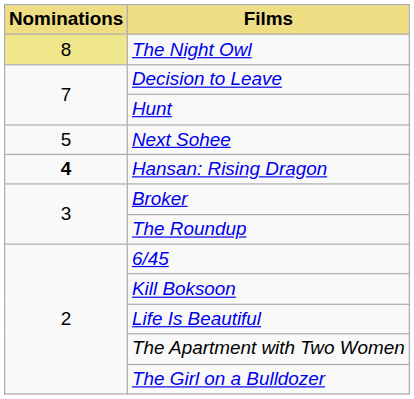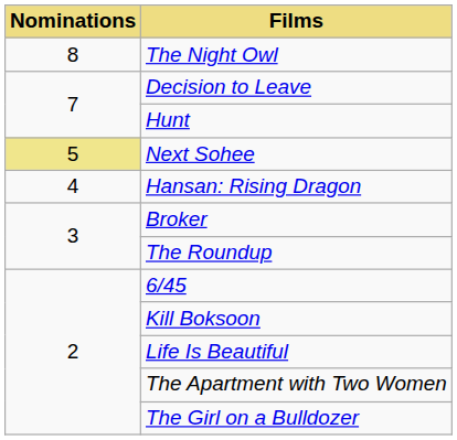 <table class="wikitable" align="center">
 <tr>
 <th style="background:#EEDD82; text-align:center">Nominations</th>
 <th style="background:#EEDD82; text-align:center">Films</th>
 </tr>
 <tr>
-<td style="background: khaki; text-align:center">8</td>
+<td style="text-align:center">8</td>
 <td><em><a href='#'>The Night Owl</a></em></td>
 </tr>
 <tr>
 <td rowspan="2" style="text-align:center">7</td>
 <td><em><a href='#'>Decision to Leave</a></em></td>
 </tr>
 <tr>
 <td><em><a href='#'>Hunt</a></em></td>
 </tr>
 <tr>
-<td style="text-align:center">5</td>
+<td style="background: khaki; text-align:center">5</td>
 <td><em><a href='#'>Next Sohee</a></em></td>
 </tr>
 <tr>
-<td style="text-align:center"><strong>4</strong></td>
+<td style="text-align:center">4</td>
 <td><em><a href='#'>Hansan: Rising Dragon</a></em></td>
 </tr>
 <tr>
 <td rowspan="2" style="text-align:center">3</td>
 <td><em><a href='#'>Broker</a></em></td>
 </tr>
 <tr>
 <td><em><a href='#'>The Roundup</a></em></td>
 </tr>
 <tr>
 <td rowspan="5" style="text-align:center">2</td>
 <td><em><a href='#'>6/45</a></em></td>
 </tr>
 <tr>
 <td><em><a href='#'>Kill Boksoon</a></em></td>
 </tr>
 <tr>
 <td><em><a href='#'>Life Is Beautiful</a></em></td>
 </tr>
 <tr>
 <td><em>The Apartment with Two Women</em></td>
 </tr>
 <tr>
 <td><em><a href='#'>The Girl on a Bulldozer</a></em></td>
 </tr>
 </table>
